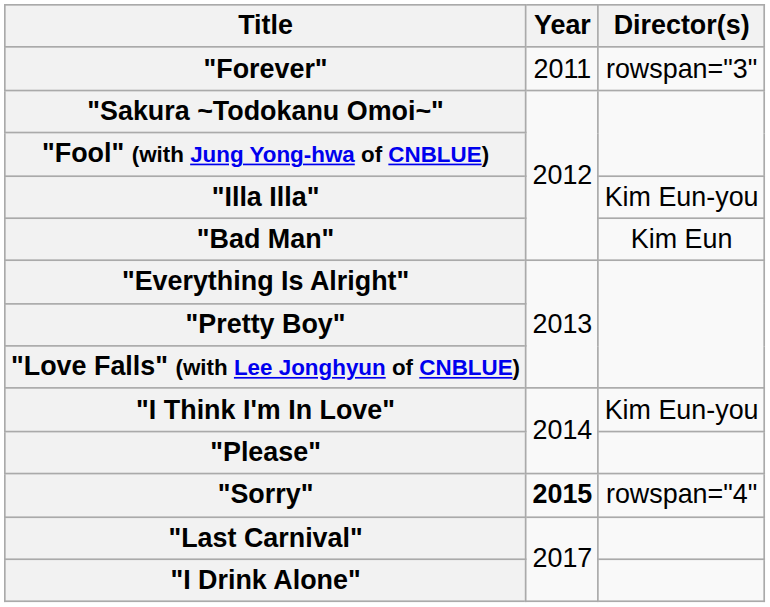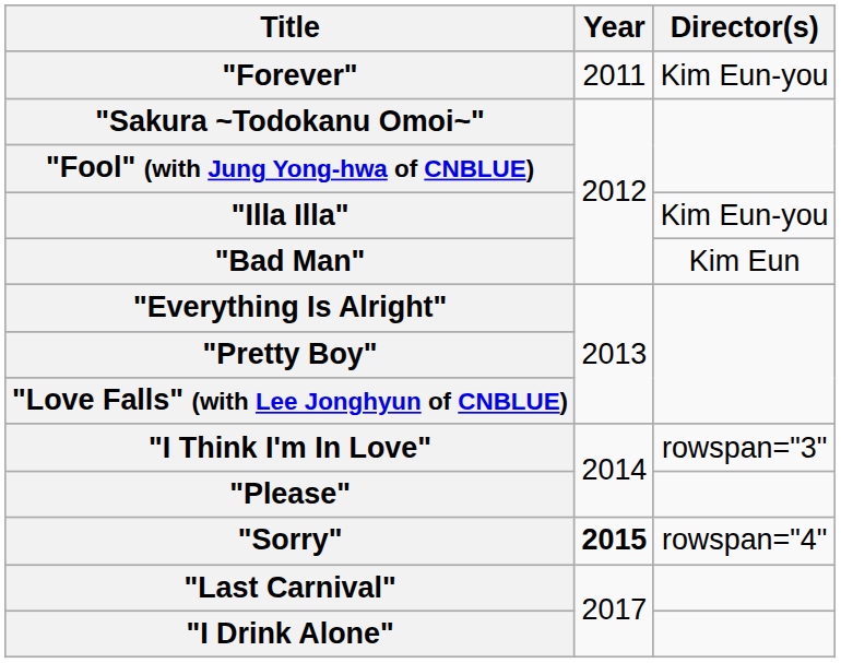 <table class="wikitable plainrowheaders" style="text-align:center;">
 <tr>
 <th scope="col">Title</th>
 <th scope="col">Year</th>
 <th scope="col">Director(s)</th>
 </tr>
 <tr>
 <th scope="row">"Forever"</th>
 <td>2011</td>
-<td>rowspan="3" </td>
+<td>Kim Eun-you</td>
 </tr>
 <tr>
 <th scope="row">"Sakura ~Todokanu Omoi~"</th>
 <td rowspan="4">2012</td>
 </tr>
 <tr>
 <th scope="row">"Fool" <small>(with <a href='#'>Jung Yong-hwa</a> of <a href='#'>CNBLUE</a>)</small></th>
 </tr>
 <tr>
 <th scope="row">"Illa Illa"</th>
 <td>Kim Eun-you</td>
 </tr>
 <tr>
 <th scope="row">"Bad Man"</th>
 <td>Kim Eun</td>
 </tr>
 <tr>
 <th scope="row">"Everything Is Alright"</th>
 <td rowspan="3">2013</td>
 </tr>
 <tr>
 <th scope="row">"Pretty Boy"</th>
 </tr>
 <tr>
 <th scope="row">"Love Falls" <small>(with <a href='#'>Lee Jonghyun</a> of <a href='#'>CNBLUE</a>)</small></th>
 </tr>
 <tr>
 <th scope="row">"I Think I'm In Love"</th>
 <td rowspan="2">2014</td>
-<td>Kim Eun-you</td>
+<td>rowspan="3" </td>
 </tr>
 <tr>
 <th scope="row">"Please"</th>
 <td></td>
 </tr>
 <tr>
 <th scope="row">"Sorry"</th>
 <td><strong>2015</strong></td>
 <td>rowspan="4" </td>
 </tr>
 <tr>
 <th scope="row">"Last Carnival"</th>
 <td rowspan="2">2017</td>
 <td></td>
 </tr>
 <tr>
 <th scope="row">"I Drink Alone"</th>
 <td></td>
 </tr>
 </table>
